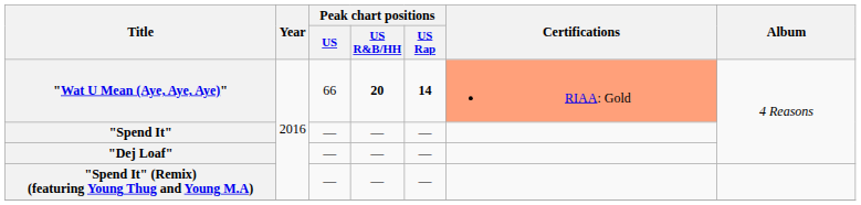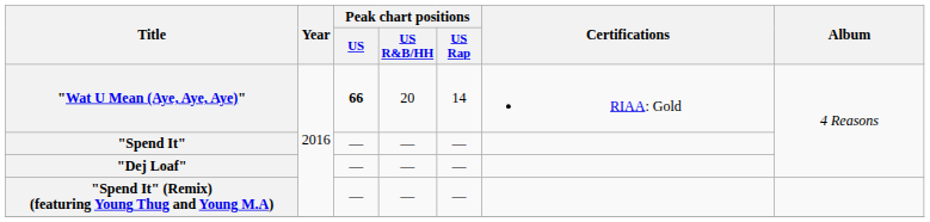 <table class="wikitable plainrowheaders" style="text-align:center;">
 <tr>
 <th scope="col" rowspan="2" style="width:20em;">Title</th>
 <th scope="col" rowspan="2" style="width:1em;">Year</th>
 <th scope="col" colspan="3">Peak chart positions</th>
 <th scope="col" rowspan="2" style="width:20em;">Certifications</th>
 <th scope="col" rowspan="2" style="width:10em;">Album</th>
 </tr>
 <tr>
 <th scope="col" style="width:3em;font-size:90%;"><a href='#'>US</a><br></th>
 <th scope="col" style="width:3em;font-size:90%;"><a href='#'>US R&B/HH</a></th>
 <th scope="col" style="width:3em;font-size:90%;"><a href='#'>US Rap</a></th>
 </tr>
 <tr>
 <th scope="row">"<a href='#'>Wat U Mean (Aye, Aye, Aye)</a>"</th>
 <td rowspan="4">2016</td>
-<td>66</td>
-<td><strong>20</strong></td>
-<td><strong>14</strong></td>
-<td style="background: lightsalmon;"><br><ul><li><a href='#'>RIAA</a>: Gold</li></ul></td>
+<td><strong>66</strong></td>
+<td>20</td>
+<td>14</td>
+<td><br><ul><li><a href='#'>RIAA</a>: Gold</li></ul></td>
 <td rowspan="3"><em>4 Reasons</em></td>
 </tr>
 <tr>
 <th scope="row">"Spend It"</th>
 <td>—</td>
 <td>—</td>
 <td>—</td>
 <td></td>
 </tr>
 <tr>
 <th scope="row">"Dej Loaf"</th>
 <td>—</td>
 <td>—</td>
 <td>—</td>
 <td></td>
 </tr>
 <tr>
 <th scope="row">"Spend It" (Remix)<br><span>(featuring <a href='#'>Young Thug</a> and <a href='#'>Young M.A</a>)</span></th>
 <td>—</td>
 <td>—</td>
 <td>—</td>
 <td></td>
 <td></td>
 </tr>
 <tr>
 </tr>
 </table>
